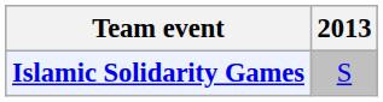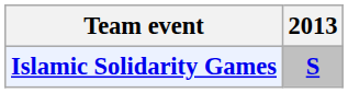 <table class="wikitable" style="font-size: 90%; text-align:center">
 <tr>
 <th>Team event</th>
 <th>2013</th>
 </tr>
 <tr>
 <td bgcolor="#ECF2FF"; align="left"><strong><a href='#'>Islamic Solidarity Games</a></strong></td>
-<td bgcolor=silver><a href='#'>S</a></td>
+<td bgcolor=silver><strong><a href='#'>S</a></strong></td>
 </tr>
 </table>
